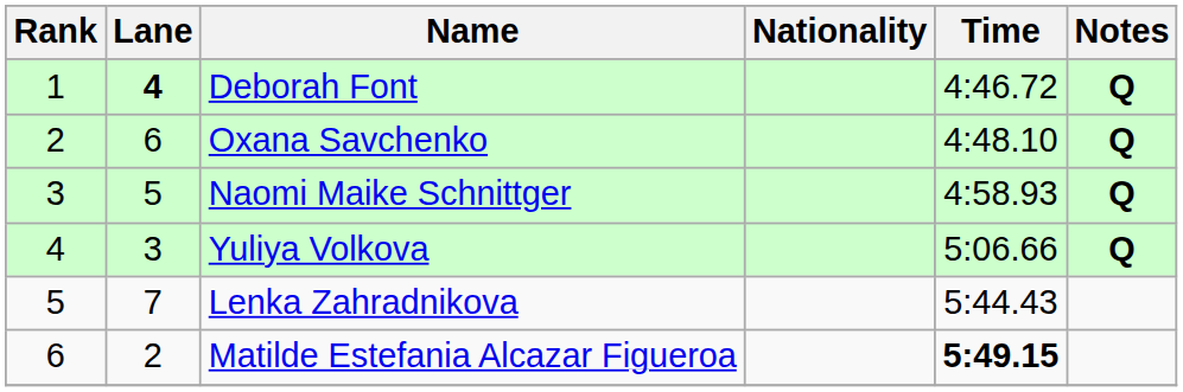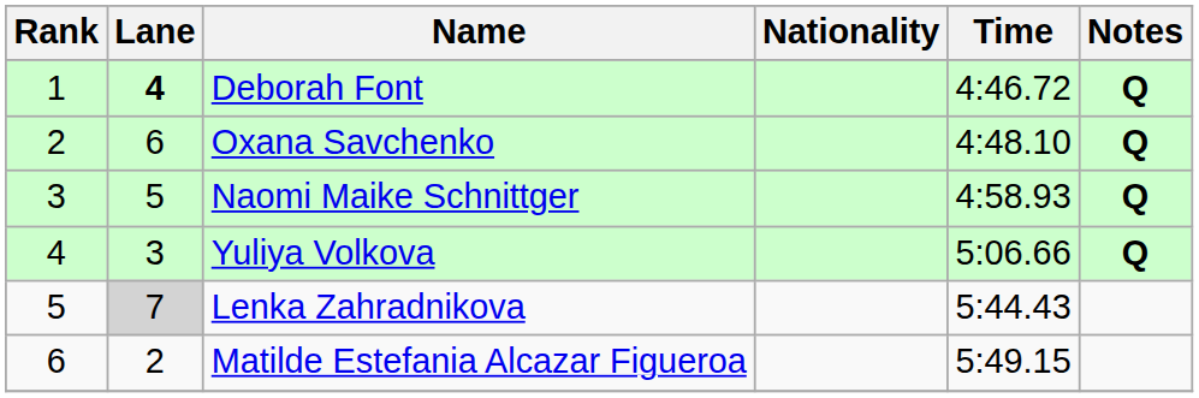 <table class="wikitable">
 <tr>
 <th>Rank</th>
 <th>Lane</th>
 <th>Name</th>
 <th>Nationality</th>
 <th>Time</th>
 <th>Notes</th>
 </tr>
 <tr bgcolor=ccffcc>
 <td align=center>1</td>
 <td align=center><strong>4</strong></td>
 <td><a href='#'>Deborah Font</a></td>
 <td></td>
 <td align=center>4:46.72</td>
 <td align=center><strong>Q</strong></td>
 </tr>
 <tr bgcolor=ccffcc>
 <td align=center>2</td>
 <td align=center>6</td>
 <td><a href='#'>Oxana Savchenko</a></td>
 <td></td>
 <td align=center>4:48.10</td>
 <td align=center><strong>Q</strong></td>
 </tr>
 <tr bgcolor=ccffcc>
 <td align=center>3</td>
 <td align=center>5</td>
 <td><a href='#'>Naomi Maike Schnittger</a></td>
 <td></td>
 <td align=center>4:58.93</td>
 <td align=center><strong>Q</strong></td>
 </tr>
 <tr bgcolor=ccffcc>
 <td align=center>4</td>
 <td align=center>3</td>
 <td><a href='#'>Yuliya Volkova</a></td>
 <td></td>
 <td align=center>5:06.66</td>
 <td align=center><strong>Q</strong></td>
 </tr>
 <tr>
 <td align=center>5</td>
-<td align=center>7</td>
+<td align=center style="background: lightgrey;">7</td>
 <td><a href='#'>Lenka Zahradnikova</a></td>
 <td></td>
 <td align=center>5:44.43</td>
 <td align=center></td>
 </tr>
 <tr>
 <td align=center>6</td>
 <td align=center>2</td>
 <td><a href='#'>Matilde Estefania Alcazar Figueroa</a></td>
 <td></td>
-<td align=center><strong>5:49.15</strong></td>
+<td align=center>5:49.15</td>
 <td align=center></td>
 </tr>
 <tr>
 </tr>
 </table>
